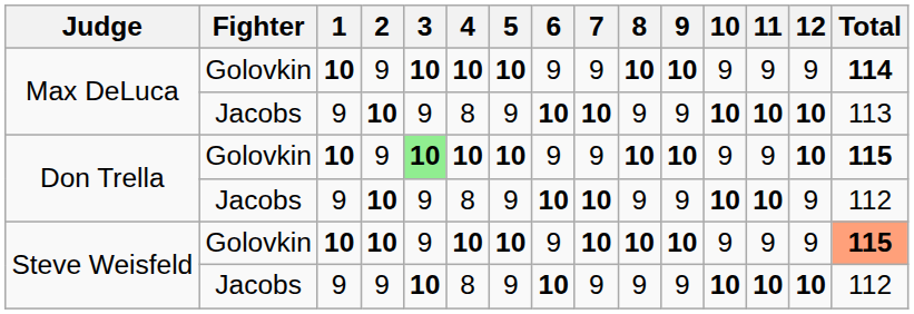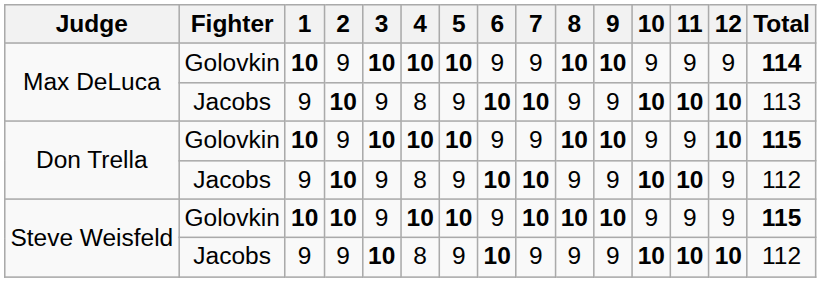 <table class="wikitable" style="text-align:center">
 <tr>
 <th>Judge</th>
 <th>Fighter</th>
 <th>1</th>
 <th>2</th>
 <th>3</th>
 <th>4</th>
 <th>5</th>
 <th>6</th>
 <th>7</th>
 <th>8</th>
 <th>9</th>
 <th>10</th>
 <th>11</th>
 <th>12</th>
 <th>Total</th>
 </tr>
 <tr>
 <td rowspan="2">Max DeLuca</td>
 <td>Golovkin</td>
 <td><strong>10</strong></td>
 <td>9</td>
 <td><strong>10</strong></td>
 <td><strong>10</strong></td>
 <td><strong>10</strong></td>
 <td>9</td>
 <td>9</td>
 <td><strong>10</strong></td>
 <td><strong>10</strong></td>
 <td>9</td>
 <td>9</td>
 <td>9</td>
 <td><strong>114</strong></td>
 </tr>
 <tr>
 <td>Jacobs</td>
 <td>9</td>
 <td><strong>10</strong></td>
 <td>9</td>
 <td>8</td>
 <td>9</td>
 <td><strong>10</strong></td>
 <td><strong>10</strong></td>
 <td>9</td>
 <td>9</td>
 <td><strong>10</strong></td>
 <td><strong>10</strong></td>
 <td><strong>10</strong></td>
 <td>113</td>
 </tr>
 <tr>
 <td rowspan="2">Don Trella</td>
 <td>Golovkin</td>
 <td><strong>10</strong></td>
 <td>9</td>
-<td style="background: lightgreen;"><strong>10</strong></td>
+<td><strong>10</strong></td>
 <td><strong>10</strong></td>
 <td><strong>10</strong></td>
 <td>9</td>
 <td>9</td>
 <td><strong>10</strong></td>
 <td><strong>10</strong></td>
 <td>9</td>
 <td>9</td>
 <td><strong>10</strong></td>
 <td><strong>115</strong></td>
 </tr>
 <tr>
 <td>Jacobs</td>
 <td>9</td>
 <td><strong>10</strong></td>
 <td>9</td>
 <td>8</td>
 <td>9</td>
 <td><strong>10</strong></td>
 <td><strong>10</strong></td>
 <td>9</td>
 <td>9</td>
 <td><strong>10</strong></td>
 <td><strong>10</strong></td>
 <td>9</td>
 <td>112</td>
 </tr>
 <tr>
 <td rowspan="2">Steve Weisfeld</td>
 <td>Golovkin</td>
 <td><strong>10</strong></td>
 <td><strong>10</strong></td>
 <td>9</td>
 <td><strong>10</strong></td>
 <td><strong>10</strong></td>
 <td>9</td>
 <td><strong>10</strong></td>
 <td><strong>10</strong></td>
 <td><strong>10</strong></td>
 <td>9</td>
 <td>9</td>
 <td>9</td>
-<td style="background: lightsalmon;"><strong>115</strong></td>
+<td><strong>115</strong></td>
 </tr>
 <tr>
 <td>Jacobs</td>
 <td>9</td>
 <td>9</td>
 <td><strong>10</strong></td>
 <td>8</td>
 <td>9</td>
 <td><strong>10</strong></td>
 <td>9</td>
 <td>9</td>
 <td>9</td>
 <td><strong>10</strong></td>
 <td><strong>10</strong></td>
 <td><strong>10</strong></td>
 <td>112</td>
 </tr>
 </table>
